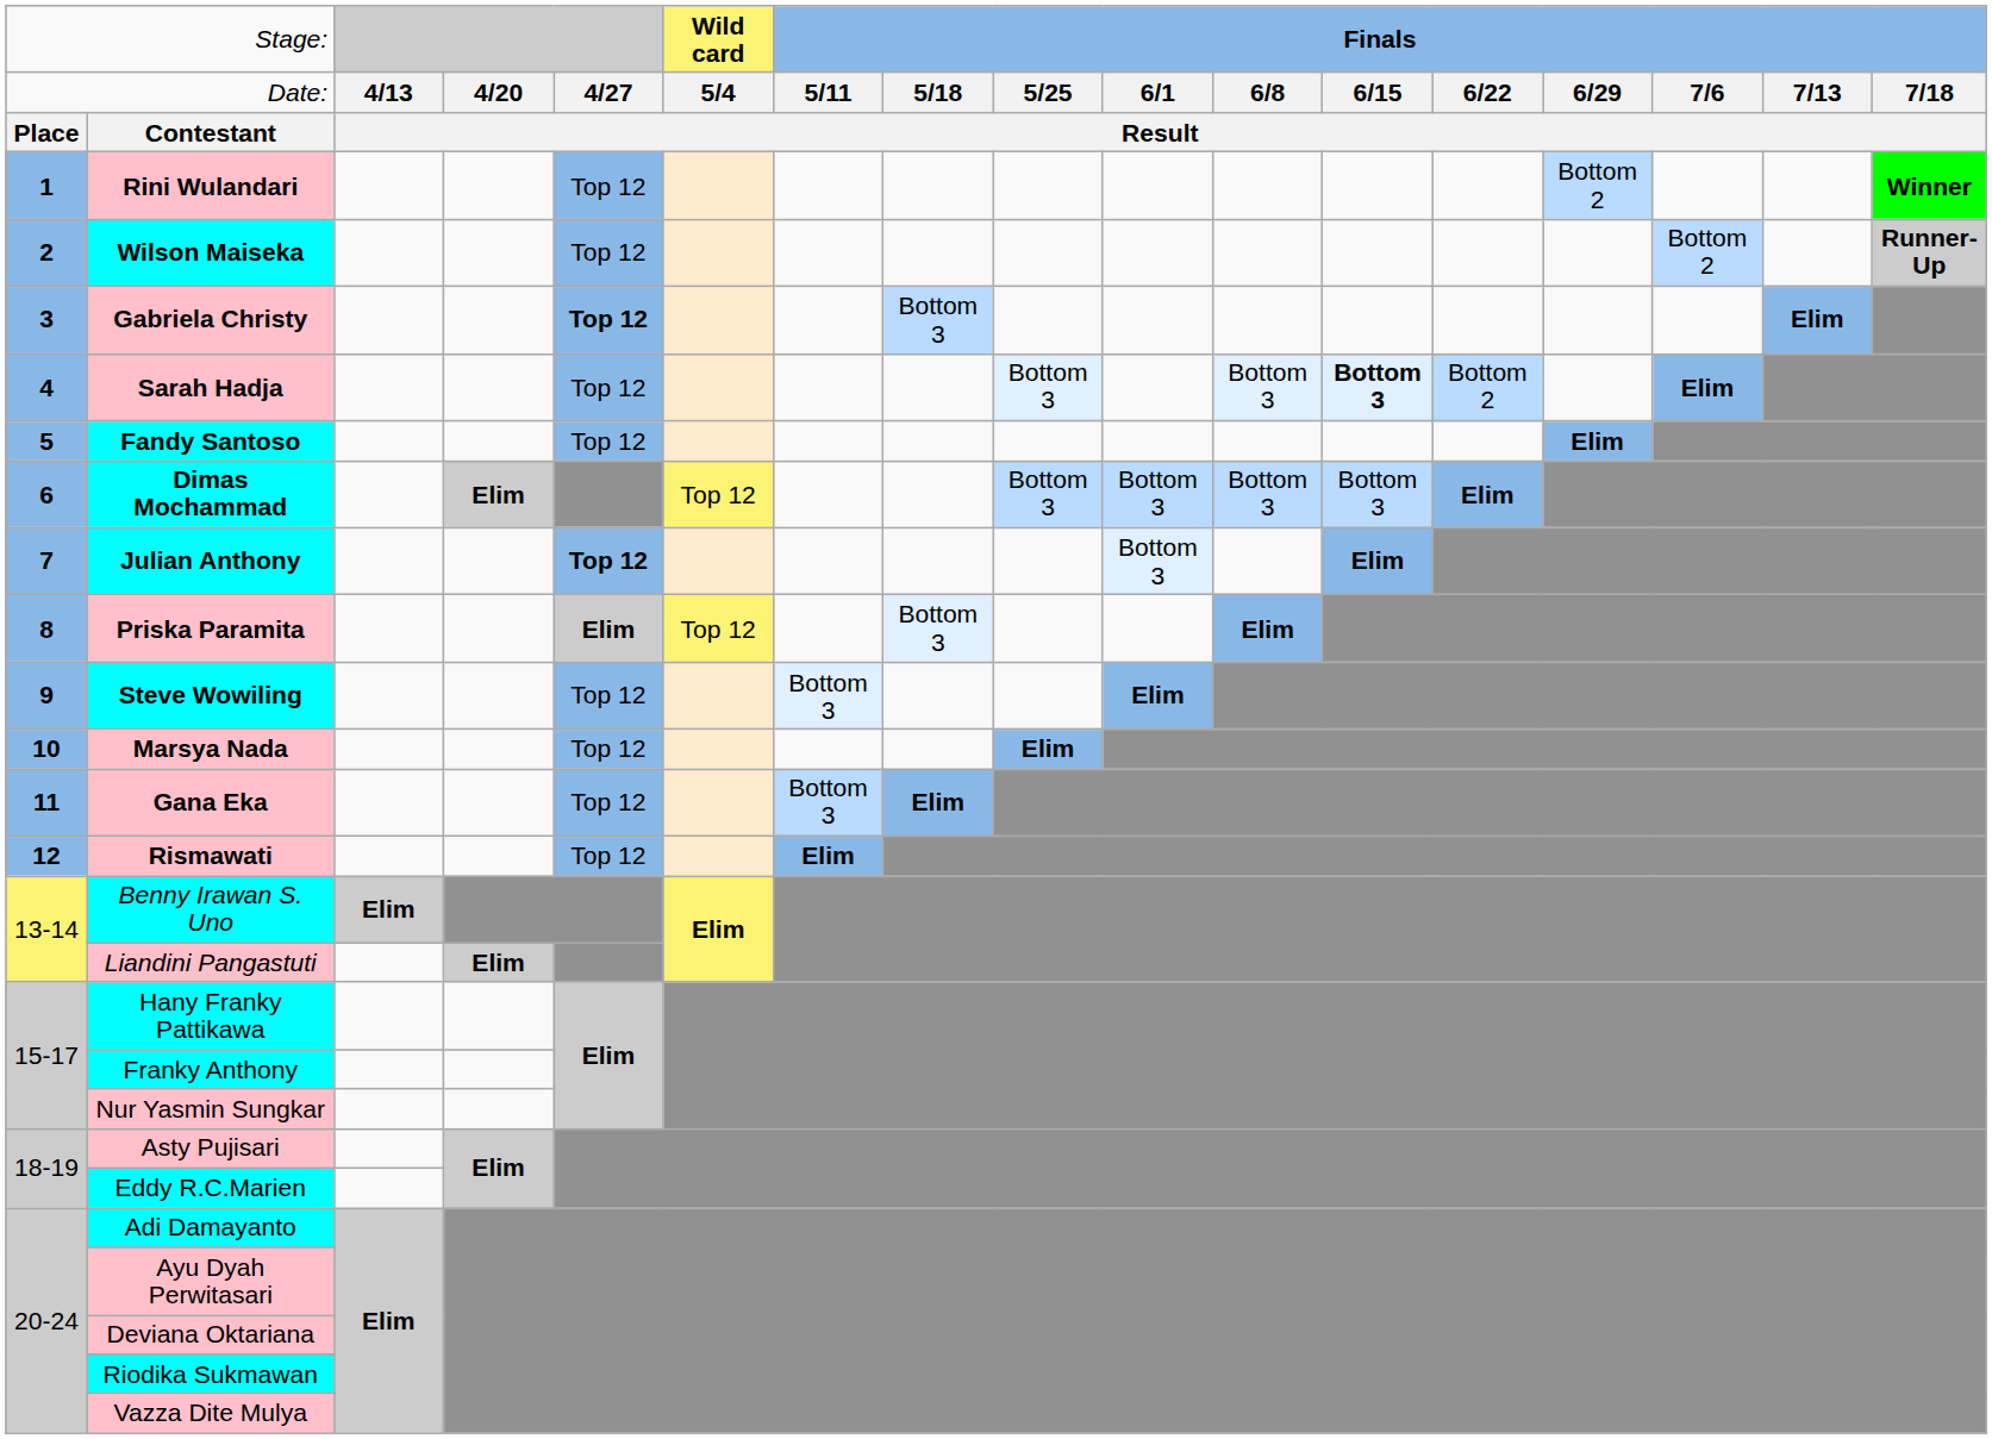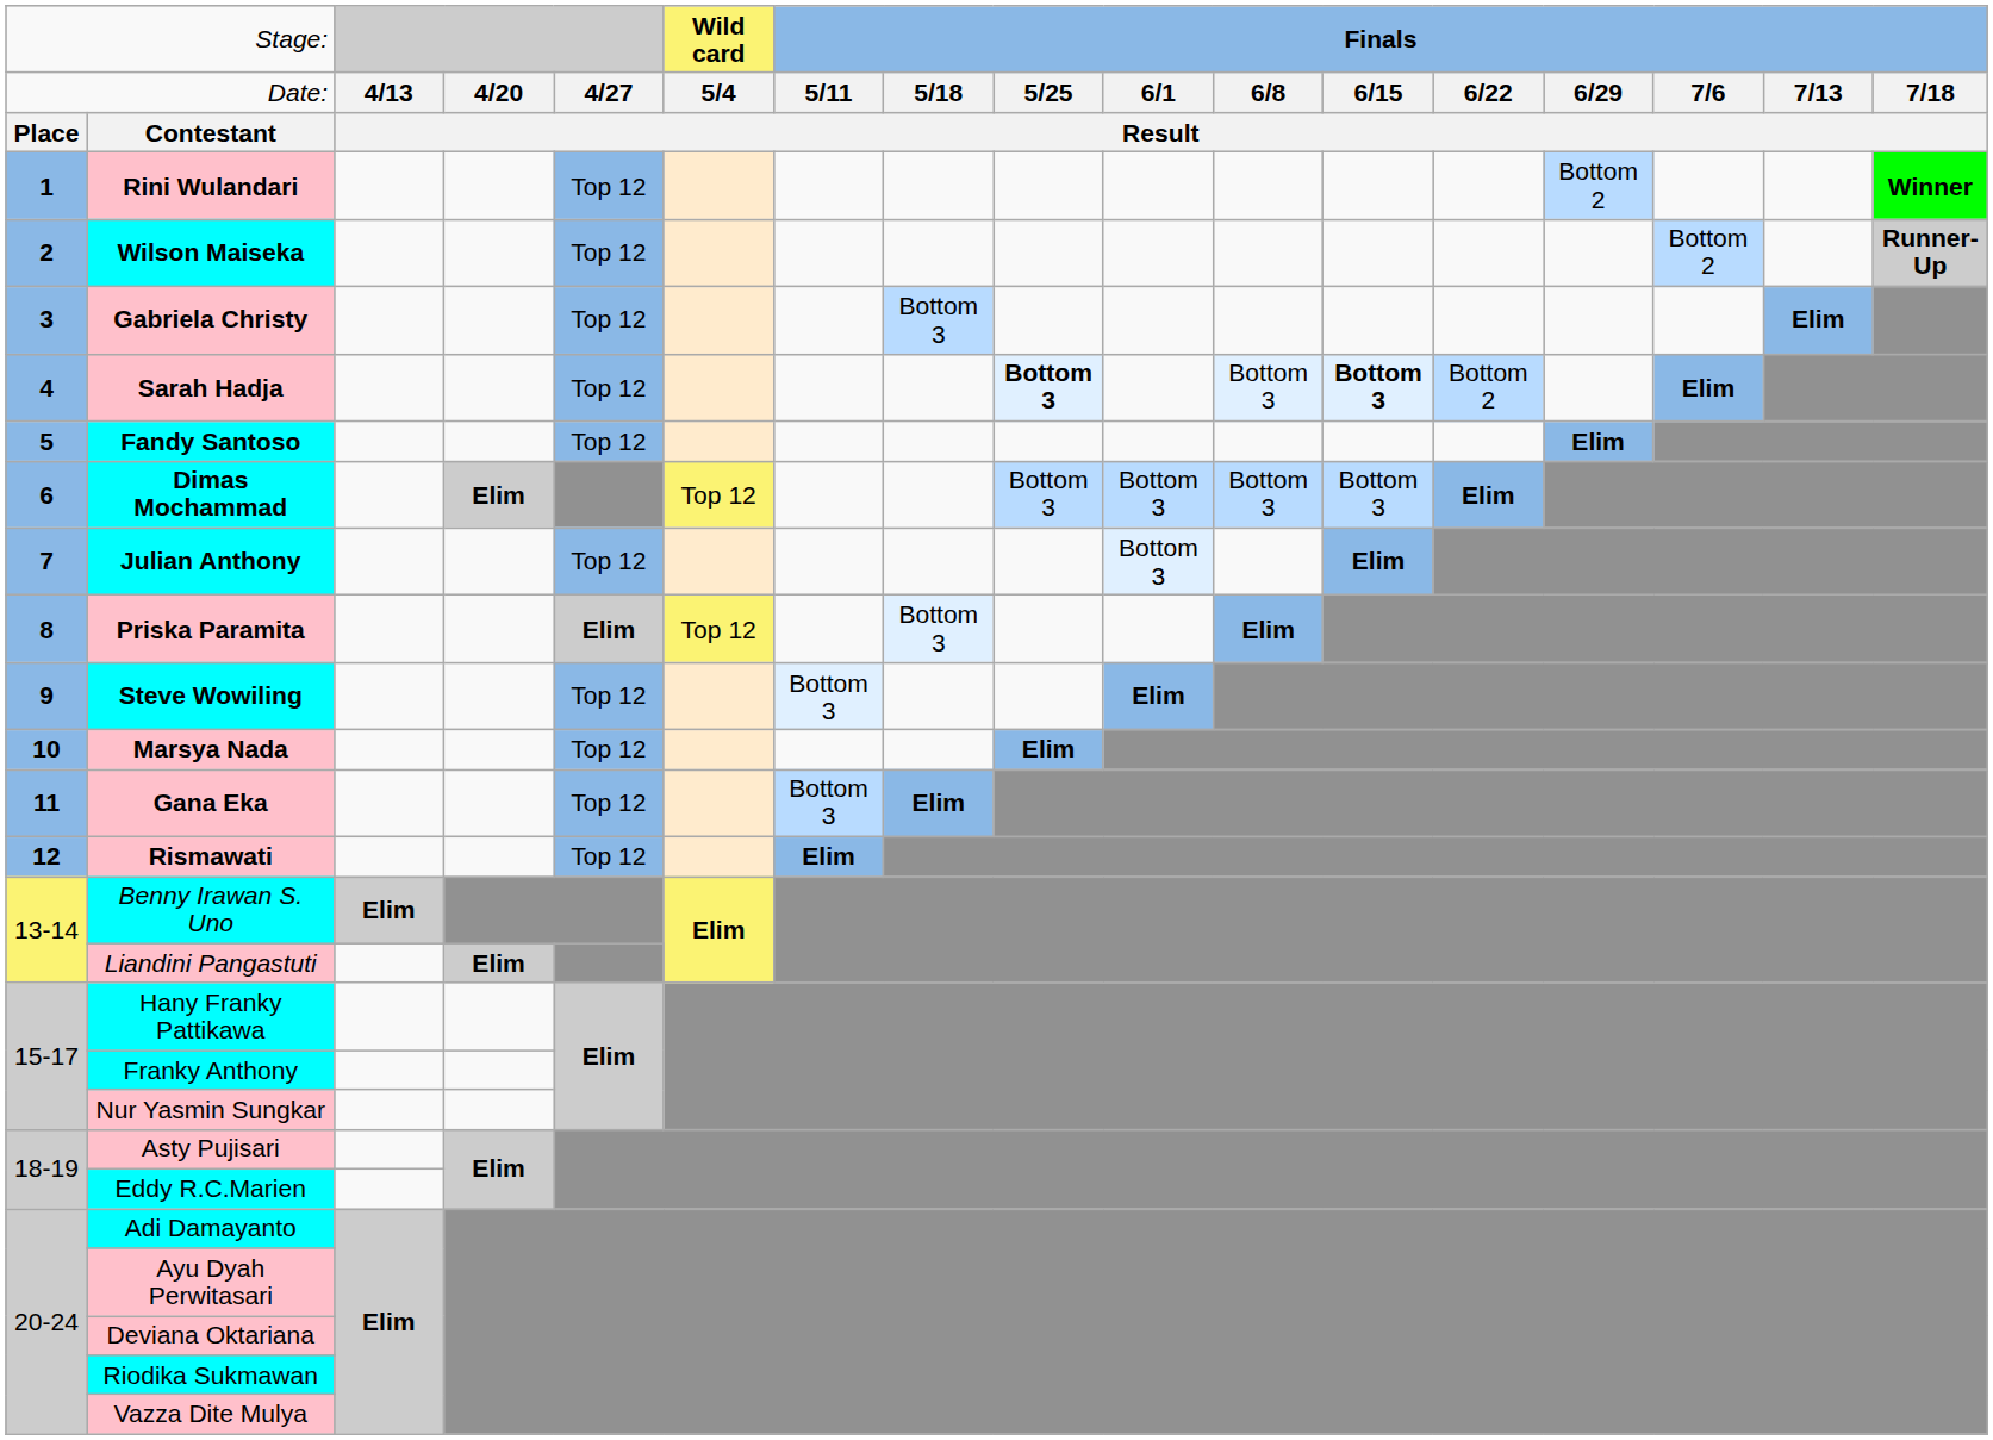 <table class="wikitable" style="margin:1em auto; text-align:center; font-size:85%; width:85%">
 <tr>
 <td colspan="2" style="text-align:right;"><em>Stage:</em></td>
 <td colspan="3" style="background:#ccc;"><strong></strong></td>
 <td style="background:#fbf373;"><strong>Wild card</strong></td>
 <td colspan="40" style="background:#8ab8e6;"><strong>Finals</strong></td>
 </tr>
 <tr>
 <td colspan="2" style="text-align:right;"><em>Date:</em></td>
 <th style="width:50px">4/13</th>
 <th style="width:50px">4/20</th>
 <th style="width:50px">4/27</th>
 <th style="width:50px">5/4</th>
 <th style="width:50px">5/11</th>
 <th style="width:50px">5/18</th>
 <th style="width:50px">5/25</th>
 <th style="width:50px">6/1</th>
 <th style="width:50px">6/8</th>
 <th style="width:50px">6/15</th>
 <th style="width:50px">6/22</th>
 <th style="width:50px">6/29</th>
 <th style="width:50px">7/6</th>
 <th style="width:50px">7/13</th>
 <th style="width:50px">7/18</th>
 </tr>
 <tr>
 <th style="width:30px">Place</th>
 <th style="width:120px">Contestant</th>
 <th colspan="33">Result</th>
 </tr>
 <tr>
 <td style="background:#8ab8e6;"><strong>1</strong></td>
 <td style="background:pink;"><strong>Rini Wulandari</strong></td>
 <td></td>
 <td></td>
 <td style="background:#8ab8e6;">Top 12</td>
 <td style="background:#ffebcd"></td>
 <td></td>
 <td></td>
 <td></td>
 <td></td>
 <td></td>
 <td></td>
 <td></td>
 <td style="background:#b8dbff;">Bottom 2</td>
 <td></td>
 <td></td>
 <td style="background:lime;"><strong>Winner</strong></td>
 </tr>
 <tr>
 <td style="background:#8ab8e6;"><strong>2</strong></td>
 <td style="background:cyan;"><strong>Wilson Maiseka</strong></td>
 <td></td>
 <td></td>
 <td style="background:#8ab8e6;">Top 12</td>
 <td style="background:#ffebcd"></td>
 <td></td>
 <td></td>
 <td></td>
 <td></td>
 <td></td>
 <td></td>
 <td></td>
 <td></td>
 <td style="background:#b8dbff;">Bottom 2</td>
 <td></td>
 <td style="background:#ccc;"><strong>Runner-Up</strong></td>
 </tr>
 <tr>
 <td style="background:#8ab8e6;"><strong>3</strong></td>
 <td style="background:pink;"><strong>Gabriela Christy</strong></td>
 <td></td>
 <td></td>
-<td style="background:#8ab8e6;"><strong>Top 12</strong></td>
+<td style="background:#8ab8e6;">Top 12</td>
 <td style="background:#ffebcd"></td>
 <td></td>
 <td style="background:#b8dbff;">Bottom 3</td>
 <td></td>
 <td></td>
 <td></td>
 <td></td>
 <td></td>
 <td></td>
 <td></td>
 <td style="background:#8ab8e6;"><strong>Elim</strong></td>
 <td style="background:#919191;" colspan="4"></td>
 </tr>
 <tr>
 <td style="background:#8ab8e6;"><strong>4</strong></td>
 <td style="background:pink;"><strong>Sarah Hadja</strong></td>
 <td></td>
 <td></td>
 <td style="background:#8ab8e6;">Top 12</td>
 <td style="background:#ffebcd"></td>
 <td></td>
 <td></td>
-<td style="background:#e0f0ff;">Bottom 3</td>
+<td style="background:#e0f0ff;"><strong>Bottom 3</strong></td>
 <td></td>
 <td style="background:#e0f0ff;">Bottom 3</td>
 <td style="background:#e0f0ff;"><strong>Bottom 3</strong></td>
 <td style="background:#b8dbff;">Bottom 2</td>
 <td></td>
 <td style="background:#8ab8e6;"><strong>Elim</strong></td>
 <td style="background:#919191;" colspan="34"></td>
 </tr>
 <tr>
 <td style="background:#8ab8e6;"><strong>5</strong></td>
 <td style="background:cyan;"><strong>Fandy Santoso</strong></td>
 <td></td>
 <td></td>
 <td style="background:#8ab8e6;">Top 12</td>
 <td style="background:#ffebcd"></td>
 <td></td>
 <td></td>
 <td></td>
 <td></td>
 <td></td>
 <td></td>
 <td></td>
 <td style="background:#8ab8e6;"><strong>Elim</strong></td>
 <td style="background:#919191;" colspan="34"></td>
 </tr>
 <tr>
 <td style="background:#8ab8e6;"><strong>6</strong></td>
 <td style="background:cyan;"><strong>Dimas Mochammad</strong></td>
 <td></td>
 <td style="background:#ccc;"><strong>Elim</strong></td>
 <td style="background:#919191;" colspan="1"></td>
 <td style="background:#fbf373;">Top 12</td>
 <td></td>
 <td></td>
 <td style="background:#b8dbff;">Bottom 3</td>
 <td style="background:#b8dbff;">Bottom 3</td>
 <td style="background:#b8dbff;">Bottom 3</td>
 <td style="background:#b8dbff;">Bottom 3</td>
 <td style="background:#8ab8e6;"><strong>Elim</strong></td>
 <td style="background:#919191;" colspan="43"></td>
 </tr>
 <tr>
 <td style="background:#8ab8e6;"><strong>7</strong></td>
 <td style="background:cyan;"><strong>Julian Anthony</strong></td>
 <td></td>
 <td></td>
-<td style="background:#8ab8e6;"><strong>Top 12</strong></td>
+<td style="background:#8ab8e6;">Top 12</td>
 <td style="background:#ffebcd"></td>
 <td></td>
 <td></td>
 <td></td>
 <td style="background:#e0f0ff;">Bottom 3</td>
 <td></td>
 <td style="background:#8ab8e6;"><strong>Elim</strong></td>
 <td style="background:#919191;" colspan="41"></td>
 </tr>
 <tr>
 <td style="background:#8ab8e6;"><strong>8</strong></td>
 <td style="background:pink;"><strong>Priska Paramita</strong></td>
 <td></td>
 <td></td>
 <td style="background:#ccc;"><strong>Elim</strong></td>
 <td style="background:#fbf373;">Top 12</td>
 <td></td>
 <td style="background:#e0f0ff;">Bottom 3</td>
 <td></td>
 <td></td>
 <td style="background:#8ab8e6;"><strong>Elim</strong></td>
 <td style="background:#919191;" colspan="42"></td>
 </tr>
 <tr>
 <td style="background:#8ab8e6;"><strong>9</strong></td>
 <td style="background:cyan;"><strong>Steve Wowiling</strong></td>
 <td></td>
 <td></td>
 <td style="background:#8ab8e6;">Top 12</td>
 <td style="background:#ffebcd"></td>
 <td style="background:#e0f0ff;">Bottom 3</td>
 <td></td>
 <td></td>
 <td style="background:#8ab8e6;"><strong>Elim</strong></td>
 <td style="background:#919191;" colspan="42"></td>
 </tr>
 <tr>
 <td style="background:#8ab8e6;"><strong>10</strong></td>
 <td style="background:pink;"><strong>Marsya Nada</strong></td>
 <td></td>
 <td></td>
 <td style="background:#8ab8e6;">Top 12</td>
 <td style="background:#ffebcd"></td>
 <td></td>
 <td></td>
 <td style="background:#8ab8e6;"><strong>Elim</strong></td>
 <td style="background:#919191;" colspan="34"></td>
 </tr>
 <tr>
 <td style="background:#8ab8e6;"><strong>11</strong></td>
 <td style="background:pink;"><strong>Gana Eka</strong></td>
 <td></td>
 <td></td>
 <td style="background:#8ab8e6;">Top 12</td>
 <td style="background:#ffebcd"></td>
 <td style="background:#b8dbff;">Bottom 3</td>
 <td style="background:#8ab8e6;"><strong>Elim</strong></td>
 <td style="background:#919191;" colspan="43"></td>
 </tr>
 <tr>
 <td style="background:#8ab8e6;"><strong>12</strong></td>
 <td style="background:pink;"><strong>Rismawati</strong></td>
 <td></td>
 <td></td>
 <td style="background:#8ab8e6;">Top 12</td>
 <td style="background:#ffebcd"></td>
 <td style="background:#8ab8e6;"><strong>Elim</strong></td>
 <td style="background:#919191;" colspan="33"></td>
 </tr>
 <tr>
 <td rowspan="2" style="background:#fbf373;">13-14</td>
 <td style="background:cyan;"><em>Benny Irawan S. Uno</em></td>
 <td style="background:#ccc;"><strong>Elim</strong></td>
 <td style="background:#919191;" colspan="2"></td>
 <td style="background:#fbf373;" rowspan="2"><strong>Elim</strong></td>
 <td style="background:#919191;" colspan="30" rowspan="2"></td>
 </tr>
 <tr>
 <td style="background:pink;"><em>Liandini Pangastuti</em></td>
 <td></td>
 <td style="background:#ccc;"><strong>Elim</strong></td>
 <td style="background:#919191;" colspan="1"></td>
 </tr>
 <tr>
 <td rowspan="3" style="background:#ccc;">15-17</td>
 <td style="background:cyan;">Hany Franky Pattikawa</td>
 <td></td>
 <td></td>
 <td style="background:#ccc;" rowspan="3"><strong>Elim</strong></td>
 <td style="background:#919191;" colspan="32" rowspan="3"></td>
 </tr>
 <tr>
 <td style="background:cyan;">Franky Anthony</td>
 <td></td>
 <td></td>
 </tr>
 <tr>
 <td style="background:pink;">Nur Yasmin Sungkar</td>
 <td></td>
 <td></td>
 </tr>
 <tr>
 <td rowspan="2" style="background:#ccc;">18-19</td>
 <td style="background:pink;">Asty Pujisari</td>
 <td></td>
 <td style="background:#ccc;" rowspan="2"><strong>Elim</strong></td>
 <td style="background:#919191;" colspan="33" rowspan="2"></td>
 </tr>
 <tr>
 <td style="background:cyan;">Eddy R.C.Marien</td>
 <td></td>
 </tr>
 <tr>
 <td rowspan="5" style="background:#ccc;">20-24</td>
 <td style="background:cyan;">Adi Damayanto</td>
 <td style="background:#ccc;" rowspan="5"><strong>Elim</strong></td>
 <td style="background:#919191;" colspan="33" rowspan="5"></td>
 </tr>
 <tr>
 <td style="background:pink;">Ayu Dyah  Perwitasari</td>
 </tr>
 <tr>
 <td style="background:pink;">Deviana Oktariana</td>
 </tr>
 <tr>
 <td style="background:cyan;">Riodika Sukmawan</td>
 </tr>
 <tr>
 <td style="background:pink;">Vazza Dite Mulya</td>
 </tr>
 <tr>
 </tr>
 </table>
